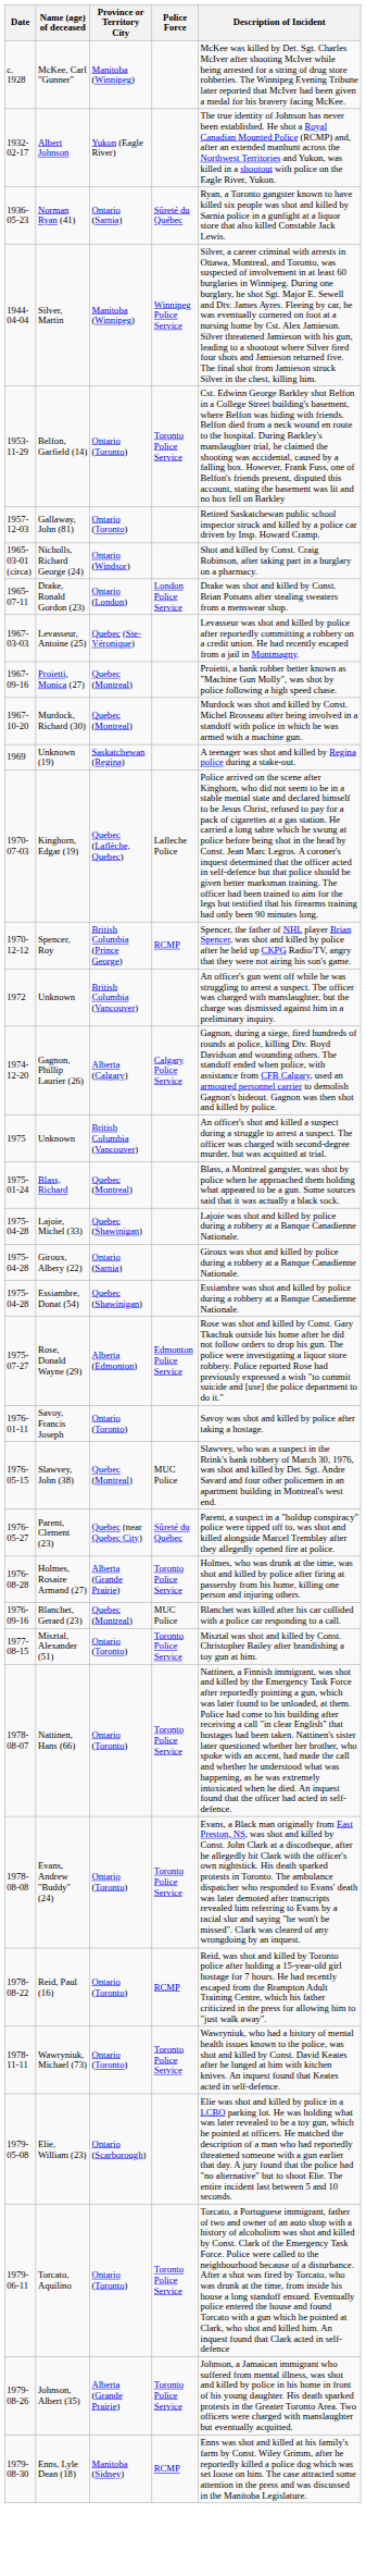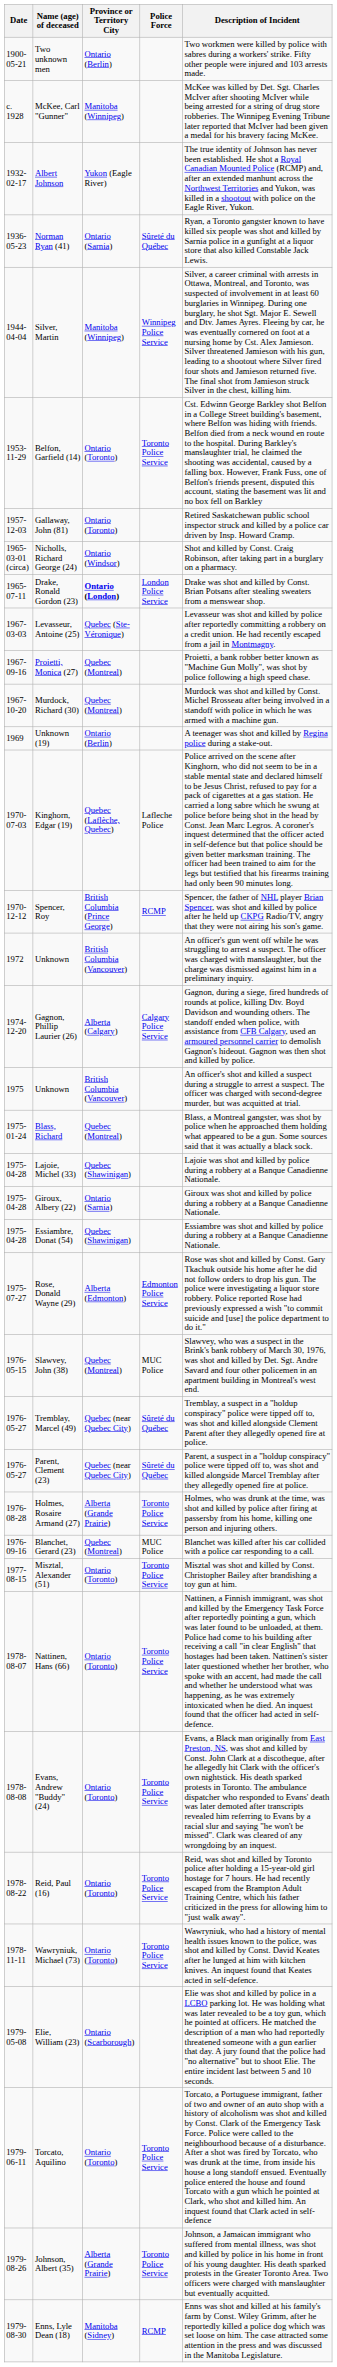 <table class="wikitable sortable static-row-numbers static-row-header-text" border="1">
 <tr>
 <th>Date</th>
 <th>Name (age)<br>of deceased</th>
 <th>Province or Territory <br> City</th>
 <th>Police Force</th>
 <th>Description of Incident</th>
+</tr>
+<tr>
+<td>1900-05-21</td>
+<td>Two unknown men</td>
+<td><a href='#'>Ontario</a> (<a href='#'>Berlin</a>)</td>
+<td></td>
+<td>Two workmen were killed by police with sabres during a workers' strike. Fifty other people were injured and 103 arrests made.</td>
 </tr>
 <tr>
 <td>c. 1928</td>
 <td>McKee, Carl "Gunner"</td>
 <td><a href='#'>Manitoba</a> (<a href='#'>Winnipeg</a>)</td>
 <td></td>
 <td>McKee was killed by Det. Sgt. Charles McIver after shooting McIver while being arrested for a string of drug store robberies. The Winnipeg Evening Tribune later reported that McIver had been given a medal for his bravery facing McKee.</td>
 </tr>
 <tr>
 <td>1932-02-17</td>
 <td><a href='#'>Albert Johnson</a></td>
 <td><a href='#'>Yukon</a> (Eagle River)</td>
 <td></td>
 <td>The true identity of Johnson has never been established. He shot a <a href='#'>Royal Canadian Mounted Police</a> (RCMP) and, after an extended manhunt across the <a href='#'>Northwest Territories</a> and Yukon, was killed in a <a href='#'>shootout</a> with police on the Eagle River, Yukon.</td>
 </tr>
 <tr>
 <td>1936-05-23</td>
 <td><a href='#'>Norman Ryan</a> (41)</td>
 <td><a href='#'>Ontario</a> (<a href='#'>Sarnia</a>)</td>
 <td><a href='#'>Sûreté du Québec</a></td>
 <td>Ryan, a Toronto gangster known to have killed six people was shot and killed by Sarnia police in a gunfight at a liquor store that also killed Constable Jack Lewis.</td>
 </tr>
 <tr>
 <td>1944-04-04</td>
 <td>Silver, Martin</td>
 <td><a href='#'>Manitoba</a> (<a href='#'>Winnipeg</a>)</td>
 <td><a href='#'>Winnipeg Police Service</a></td>
 <td>Silver, a career criminal with arrests in Ottawa, Montreal, and Toronto, was suspected of involvement in at least 60 burglaries in Winnipeg. During one burglary, he shot Sgt. Major E. Sewell and Dtv. James Ayres. Fleeing by car, he was eventually cornered on foot at a nursing home by Cst. Alex Jamieson. Silver threatened Jamieson with his gun, leading to a shootout where Silver fired four shots and Jamieson returned five. The final shot from Jamieson struck Silver in the chest, killing him.</td>
 </tr>
 <tr>
 <td>1953-11-29</td>
 <td>Belfon, Garfield (14)</td>
 <td><a href='#'>Ontario</a> (<a href='#'>Toronto</a>)</td>
 <td><a href='#'>Toronto Police Service</a></td>
 <td>Cst. Edwinn George Barkley shot Belfon in a College Street building's basement, where Belfon was hiding with friends. Belfon died from a neck wound en route to the hospital. During Barkley's manslaughter trial, he claimed the shooting was accidental, caused by a falling box. However, Frank Fuss, one of Belfon's friends present, disputed this account, stating the basement was lit and no box fell on Barkley </td>
 </tr>
 <tr>
 <td>1957-12-03</td>
 <td>Gallaway, John (81)</td>
 <td><a href='#'>Ontario</a> (<a href='#'>Toronto</a>)</td>
 <td></td>
 <td>Retired Saskatchewan public school inspector struck and killed by a police car driven by Insp. Howard Cramp.</td>
 </tr>
 <tr>
 <td>1965-03-01 (circa)</td>
 <td>Nicholls, Richard George (24)</td>
 <td><a href='#'>Ontario</a> (<a href='#'>Windsor</a>)</td>
 <td></td>
 <td>Shot and killed by Const. Craig Robinson, after taking part in a burglary on a pharmacy.</td>
 </tr>
 <tr>
 <td>1965-07-11</td>
 <td>Drake, Ronald Gordon (23)</td>
-<td><a href='#'>Ontario</a> (<a href='#'>London</a>)</td>
+<td><strong><a href='#'>Ontario</a> (<a href='#'>London</a>)</strong></td>
 <td><a href='#'>London Police Service</a></td>
 <td>Drake was shot and killed by Const. Brian Potsans after stealing sweaters from a menswear shop.</td>
 </tr>
 <tr>
 <td>1967-03-03</td>
 <td>Levasseur, Antoine (25)</td>
 <td><a href='#'>Quebec</a> (<a href='#'>Ste-Véronique</a>)</td>
 <td></td>
 <td>Levasseur was shot and killed by police after reportedly committing a robbery on a credit union. He had recently escaped from a jail in <a href='#'>Montmagny</a>.</td>
 </tr>
 <tr>
 <td>1967-09-16</td>
 <td><a href='#'>Proietti, Monica</a> (27)</td>
 <td><a href='#'>Quebec</a> (<a href='#'>Montreal</a>)</td>
 <td></td>
 <td>Proietti, a bank robber better known as "Machine Gun Molly", was shot by police following a high speed chase.</td>
 </tr>
 <tr>
 <td>1967-10-20</td>
 <td>Murdock, Richard (30)</td>
 <td><a href='#'>Quebec</a> (<a href='#'>Montreal</a>)</td>
 <td></td>
 <td>Murdock was shot and killed by Const. Michel Brosseau after being involved in a standoff with police in which he was armed with a machine gun.</td>
 </tr>
 <tr>
 <td>1969</td>
 <td>Unknown (19)</td>
-<td><a href='#'>Saskatchewan</a> (<a href='#'>Regina</a>)</td>
+<td><a href='#'>Ontario</a> (<a href='#'>Berlin</a>)</td>
 <td></td>
 <td>A teenager was shot and killed by <a href='#'>Regina police</a> during a stake-out.</td>
 </tr>
 <tr>
 <td>1970-07-03</td>
 <td>Kinghorn, Edgar (19)</td>
 <td><a href='#'>Quebec</a> (<a href='#'>Laflèche, Quebec</a>)</td>
 <td>Lafleche Police</td>
 <td>Police arrived on the scene after Kinghorn, who did not seem to be in a stable mental state and declared himself to be Jesus Christ, refused to pay for a pack of cigarettes at a gas station. He carried a long sabre which he swung at police before being shot in the head by Const. Jean Marc Legros. A coroner's inquest determined that the officer acted in self-defence but that police should be given better marksman training. The officer had been trained to aim for the legs but testified that his firearms training had only been 90 minutes long.</td>
 </tr>
 <tr>
 <td>1970-12-12</td>
 <td>Spencer, Roy</td>
 <td><a href='#'>British Columbia</a> (<a href='#'>Prince George</a>)</td>
 <td><a href='#'>RCMP</a></td>
 <td>Spencer, the father of <a href='#'>NHL</a> player <a href='#'>Brian Spencer</a>, was shot and killed by police after he held up <a href='#'>CKPG</a> Radio/TV, angry that they were not airing his son's game.</td>
 </tr>
 <tr>
 <td>1972</td>
 <td>Unknown</td>
 <td><a href='#'>British Columbia</a> (<a href='#'>Vancouver</a>)</td>
 <td></td>
 <td>An officer's gun went off while he was struggling to arrest a suspect. The officer was charged with manslaughter, but the charge was dismissed against him in a preliminary inquiry.</td>
 </tr>
 <tr>
 <td>1974-12-20</td>
 <td>Gagnon, Phillip Laurier (26)</td>
 <td><a href='#'>Alberta</a> (<a href='#'>Calgary</a>)</td>
 <td><a href='#'>Calgary Police Service</a></td>
 <td>Gagnon, during a siege, fired hundreds of rounds at police, killing Dtv. Boyd Davidson and wounding others. The standoff ended when police, with assistance from <a href='#'>CFB Calgary</a>, used an <a href='#'>armoured personnel carrier</a> to demolish Gagnon's hideout. Gagnon was then shot and killed by police.</td>
 </tr>
 <tr>
 <td>1975</td>
 <td>Unknown</td>
 <td><a href='#'>British Columbia</a> (<a href='#'>Vancouver</a>)</td>
 <td></td>
 <td>An officer's shot and killed a suspect during a struggle to arrest a suspect. The officer was charged with second-degree murder, but was acquitted at trial.</td>
 </tr>
 <tr>
 <td>1975-01-24</td>
 <td><a href='#'>Blass, Richard</a></td>
 <td><a href='#'>Quebec</a> (<a href='#'>Montreal</a>)</td>
 <td></td>
 <td>Blass, a Montreal gangster, was shot by police when he approached them holding what appeared to be a gun. Some sources said that it was actually a black sock.</td>
 </tr>
 <tr>
 <td>1975-04-28</td>
 <td>Lajoie, Michel (33)</td>
 <td><a href='#'>Quebec</a> (<a href='#'>Shawinigan</a>)</td>
 <td></td>
 <td>Lajoie was shot and killed by police during a robbery at a Banque Canadienne Nationale.</td>
 </tr>
 <tr>
 <td>1975-04-28</td>
 <td>Giroux, Albery (22)</td>
 <td><a href='#'>Ontario</a> (<a href='#'>Sarnia</a>)</td>
 <td></td>
 <td>Giroux was shot and killed by police during a robbery at a Banque Canadienne Nationale.</td>
 </tr>
 <tr>
 <td>1975-04-28</td>
 <td>Essiambre, Donat (54)</td>
 <td><a href='#'>Quebec</a> (<a href='#'>Shawinigan</a>)</td>
 <td></td>
 <td>Essiambre was shot and killed by police during a robbery at a Banque Canadienne Nationale.</td>
 </tr>
 <tr>
 <td>1975-07-27</td>
 <td>Rose, Donald Wayne (29)</td>
 <td><a href='#'>Alberta</a> (<a href='#'>Edmonton</a>)</td>
 <td><a href='#'>Edmonton Police Service</a></td>
 <td>Rose was shot and killed by Const. Gary Tkachuk outside his home after he did not follow orders to drop his gun. The police were investigating a liquor store robbery. Police reported Rose had previously expressed a wish "to commit suicide and [use] the police department to do it."</td>
 </tr>
 <tr>
-<td>1976-01-11</td>
-<td>Savoy, Francis Joseph</td>
-<td><a href='#'>Ontario</a> (<a href='#'>Toronto</a>)</td>
-<td></td>
-<td>Savoy was shot and killed by police after taking a hostage.</td>
-</tr>
-<tr>
 <td>1976-05-15</td>
 <td>Slawvey, John (38)</td>
 <td><a href='#'>Quebec</a> (<a href='#'>Montreal</a>)</td>
 <td>MUC Police</td>
 <td>Slawvey, who was a suspect in the Brink's bank robbery of March 30, 1976, was shot and killed by Det. Sgt. Andre Savard and four other policemen in an apartment building in Montreal's west end.</td>
+</tr>
+<tr>
+<td>1976-05-27</td>
+<td>Tremblay, Marcel (49)</td>
+<td><a href='#'>Quebec</a> (near <a href='#'>Quebec City</a>)</td>
+<td><a href='#'>Sûreté du Québec</a></td>
+<td>Tremblay, a suspect in a "holdup conspiracy" police were tipped off to, was shot and killed alongside Clement Parent after they allegedly opened fire at police.</td>
 </tr>
 <tr>
 <td>1976-05-27</td>
 <td>Parent, Clement (23)</td>
 <td><a href='#'>Quebec</a> (near <a href='#'>Quebec City</a>)</td>
 <td><a href='#'>Sûreté du Québec</a></td>
 <td>Parent, a suspect in a "holdup conspiracy" police were tipped off to, was shot and killed alongside Marcel Tremblay after they allegedly opened fire at police.</td>
 </tr>
 <tr>
 <td>1976-08-28</td>
 <td>Holmes, Rosaire Armand (27)</td>
 <td><a href='#'>Alberta</a> (<a href='#'>Grande Prairie</a>)</td>
 <td><a href='#'>Toronto Police Service</a></td>
 <td>Holmes, who was drunk at the time, was shot and killed by police after firing at passersby from his home, killing one person and injuring others.</td>
 </tr>
 <tr>
 <td>1976-09-16</td>
 <td>Blanchet, Gerard (23)</td>
 <td><a href='#'>Quebec</a> (<a href='#'>Montreal</a>)</td>
 <td>MUC Police</td>
 <td>Blanchet was killed after his car collided with a police car responding to a call.</td>
 </tr>
 <tr>
 <td>1977-08-15</td>
 <td>Misztal, Alexander (51)</td>
 <td><a href='#'>Ontario</a> (<a href='#'>Toronto</a>)</td>
 <td><a href='#'>Toronto Police Service</a></td>
 <td>Misztal was shot and killed by Const. Christopher Bailey after brandishing a toy gun at him.</td>
 </tr>
 <tr>
 <td>1978-08-07</td>
 <td>Nattinen, Hans (66)</td>
 <td><a href='#'>Ontario</a> (<a href='#'>Toronto</a>)</td>
 <td><a href='#'>Toronto Police Service</a></td>
 <td>Nattinen, a Finnish immigrant, was shot and killed by the Emergency Task Force after reportedly pointing a gun, which was later found to be unloaded, at them. Police had come to his building after receiving a call "in clear English" that hostages had been taken. Nattinen's sister later questioned whether her brother, who spoke with an accent, had made the call and whether he understood what was happening, as he was extremely intoxicated when he died. An inquest found that the officer had acted in self-defence.</td>
 </tr>
 <tr>
 <td>1978-08-08</td>
 <td>Evans, Andrew "Buddy" (24)</td>
 <td><a href='#'>Ontario</a> (<a href='#'>Toronto</a>)</td>
 <td><a href='#'>Toronto Police Service</a></td>
 <td>Evans, a Black man originally from <a href='#'>East Preston, NS</a>, was shot and killed by Const. John Clark at a discotheque, after he allegedly hit Clark with the officer's own nightstick. His death sparked protests in Toronto. The ambulance dispatcher who responded to Evans' death was later demoted after transcripts revealed him referring to Evans by a racial slur and saying "he won't be missed". Clark was cleared of any wrongdoing by an inquest.</td>
 </tr>
 <tr>
 <td>1978-08-22</td>
 <td>Reid, Paul (16)</td>
 <td><a href='#'>Ontario</a> (<a href='#'>Toronto</a>)</td>
-<td><a href='#'>RCMP</a></td>
+<td><a href='#'>Toronto Police Service</a></td>
 <td>Reid, was shot and killed by Toronto police after holding a 15-year-old girl hostage for 7 hours. He had recently escaped from the Brampton Adult Training Centre, which his father criticized in the press for allowing him to "just walk away".</td>
 </tr>
 <tr>
 <td>1978-11-11</td>
 <td>Wawryniuk, Michael (73)</td>
 <td><a href='#'>Ontario</a> (<a href='#'>Toronto</a>)</td>
 <td><a href='#'>Toronto Police Service</a></td>
 <td>Wawryniuk, who had a history of mental health issues known to the police, was shot and killed by Const. David Keates after he lunged at him with kitchen knives. An inquest found that Keates acted in self-defence.</td>
 </tr>
 <tr>
 <td>1979-05-08</td>
 <td>Elie, William (23)</td>
 <td><a href='#'>Ontario</a> (<a href='#'>Scarborough</a>)</td>
 <td></td>
 <td>Elie was shot and killed by police in a <a href='#'>LCBO</a> parking lot. He was holding what was later revealed to be a toy gun, which he pointed at officers. He matched the description of a man who had reportedly threatened someone with a gun earlier that day. A jury found that the police had "no alternative" but to shoot Elie. The entire incident last between 5 and 10 seconds.</td>
 </tr>
 <tr>
 <td>1979-06-11</td>
 <td>Torcato, Aquilino</td>
 <td><a href='#'>Ontario</a> (<a href='#'>Toronto</a>)</td>
 <td><a href='#'>Toronto Police Service</a></td>
 <td>Torcato, a Portuguese immigrant, father of two and owner of an auto shop with a history of alcoholism was shot and killed by Const. Clark of the Emergency Task Force. Police were called to the neighbourhood because of a disturbance. After a shot was fired by Torcato, who was drunk at the time, from inside his house a long standoff ensued. Eventually police entered the house and found Torcato with a gun which he pointed at Clark, who shot and killed him. An inquest found that Clark acted in self-defence</td>
 </tr>
 <tr>
 <td>1979-08-26</td>
 <td>Johnson, Albert (35)</td>
 <td><a href='#'>Alberta</a> (<a href='#'>Grande Prairie</a>)</td>
 <td><a href='#'>Toronto Police Service</a></td>
 <td>Johnson, a Jamaican immigrant who suffered from mental illness, was shot and killed by police in his home in front of his young daughter. His death sparked protests in the Greater Toronto Area. Two officers were charged with manslaughter but eventually acquitted.</td>
 </tr>
 <tr>
 <td>1979-08-30</td>
 <td>Enns, Lyle Dean (18)</td>
 <td><a href='#'>Manitoba</a> (<a href='#'>Sidney</a>)</td>
 <td><a href='#'>RCMP</a></td>
 <td>Enns was shot and killed at his family's farm by Const. Wiley Grimm, after he reportedly killed a police dog which was set loose on him. The case attracted some attention in the press and was discussed in the Manitoba Legislature.</td>
 </tr>
 </table>
